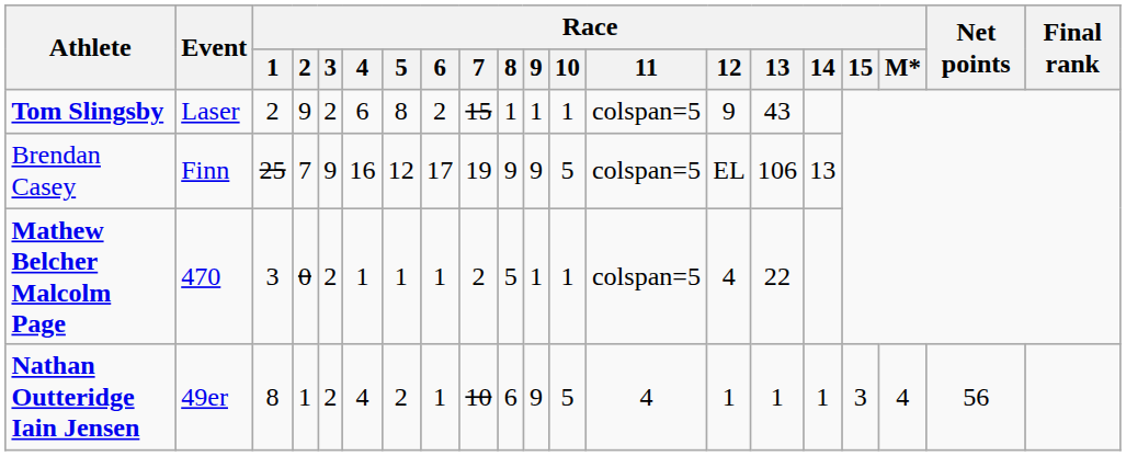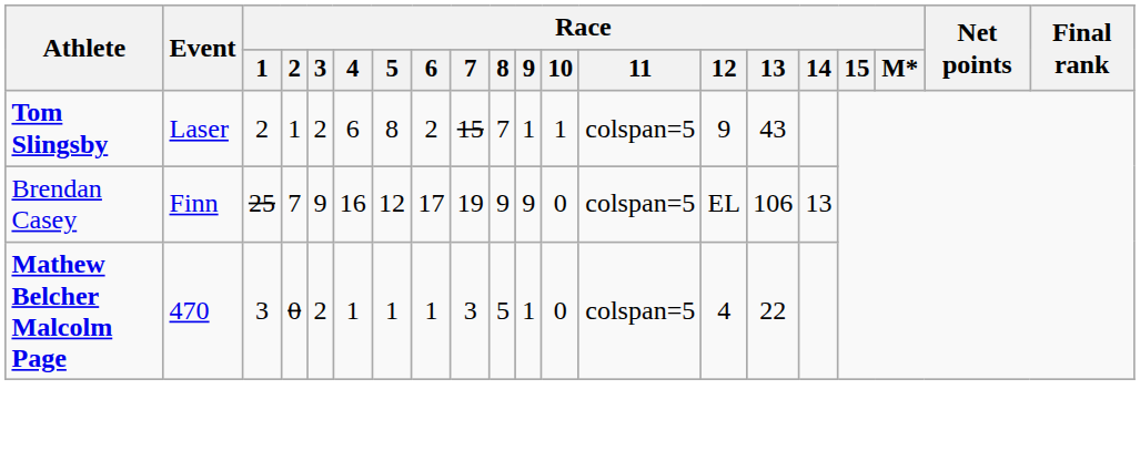 <table class="wikitable" style="font-size:90%">
 <tr>
 <th rowspan=2>Athlete</th>
 <th rowspan=2>Event</th>
 <th colspan=16>Race</th>
 <th rowspan=2>Net points</th>
 <th rowspan=2>Final rank</th>
 </tr>
 <tr style="font-size:95%">
 <th>1</th>
 <th>2</th>
 <th>3</th>
 <th>4</th>
 <th>5</th>
 <th>6</th>
 <th>7</th>
 <th>8</th>
 <th>9</th>
 <th>10</th>
 <th>11</th>
 <th>12</th>
 <th>13</th>
 <th>14</th>
 <th>15</th>
 <th>M*</th>
 </tr>
 <tr align=center>
 <td align=left><strong><a href='#'>Tom Slingsby</a></strong></td>
 <td align=left><a href='#'>Laser</a></td>
 <td>2</td>
-<td>9</td>
+<td>1</td>
 <td>2</td>
 <td>6</td>
 <td>8</td>
 <td>2</td>
 <td><s>15</s></td>
-<td>1</td>
+<td>7</td>
 <td>1</td>
 <td>1</td>
 <td>colspan=5 </td>
 <td>9</td>
 <td>43</td>
 <td></td>
 </tr>
 <tr align=center>
 <td align=left><a href='#'>Brendan Casey</a></td>
 <td align=left><a href='#'>Finn</a></td>
 <td><s>25</s></td>
 <td>7</td>
 <td>9</td>
 <td>16</td>
 <td>12</td>
 <td>17</td>
 <td>19</td>
 <td>9</td>
 <td>9</td>
-<td>5</td>
+<td>0</td>
 <td>colspan=5 </td>
 <td>EL</td>
 <td>106</td>
 <td>13</td>
 </tr>
 <tr align=center>
 <td align=left><strong><a href='#'>Mathew Belcher</a><br><a href='#'>Malcolm Page</a></strong></td>
 <td align=left><a href='#'>470</a></td>
 <td>3</td>
 <td><s>0</s></td>
 <td>2</td>
 <td>1</td>
 <td>1</td>
 <td>1</td>
-<td>2</td>
+<td>3</td>
 <td>5</td>
 <td>1</td>
-<td>1</td>
+<td>0</td>
 <td>colspan=5 </td>
 <td>4</td>
 <td>22</td>
 <td></td>
 </tr>
-<tr align=center>
-<td align=left><strong><a href='#'>Nathan Outteridge</a><br><a href='#'>Iain Jensen</a></strong></td>
-<td align=left><a href='#'>49er</a></td>
-<td>8</td>
-<td>1</td>
-<td>2</td>
-<td>4</td>
-<td>2</td>
-<td>1</td>
-<td><s>10</s></td>
-<td>6</td>
-<td>9</td>
-<td>5</td>
-<td>4</td>
-<td>1</td>
-<td>1</td>
-<td>1</td>
-<td>3</td>
-<td>4</td>
-<td>56</td>
-<td></td>
-</tr>
 </table>
